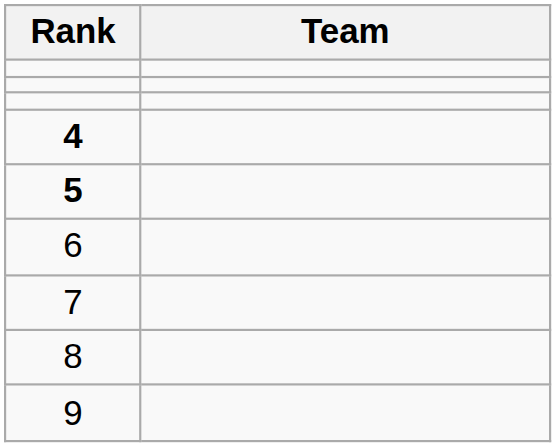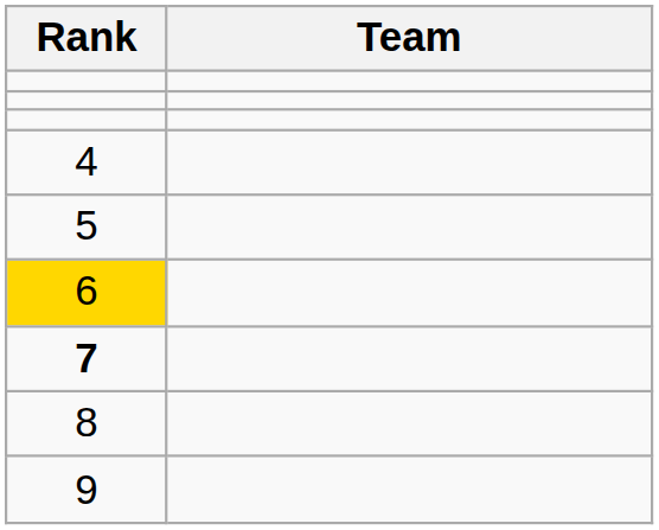 <table class="wikitable" style="text-align: center;">
 <tr>
 <th width="55">Rank</th>
 <th width="180">Team</th>
 </tr>
 <tr>
 <td></td>
 <td align="left"></td>
 </tr>
 <tr>
 <td></td>
 <td align="left"></td>
 </tr>
 <tr>
 <td></td>
 <td align="left"></td>
 </tr>
 <tr>
-<td><strong>4</strong></td>
+<td>4</td>
 <td align="left"></td>
 </tr>
 <tr>
-<td><strong>5</strong></td>
+<td>5</td>
 <td align="left"></td>
 </tr>
 <tr>
-<td>6</td>
+<td style="background: gold;">6</td>
 <td align="left"></td>
 </tr>
 <tr>
-<td>7</td>
+<td><strong>7</strong></td>
 <td align="left"></td>
 </tr>
 <tr>
 <td>8</td>
 <td align="left"></td>
 </tr>
 <tr>
 <td>9</td>
 <td align="left"></td>
 </tr>
 </table>
